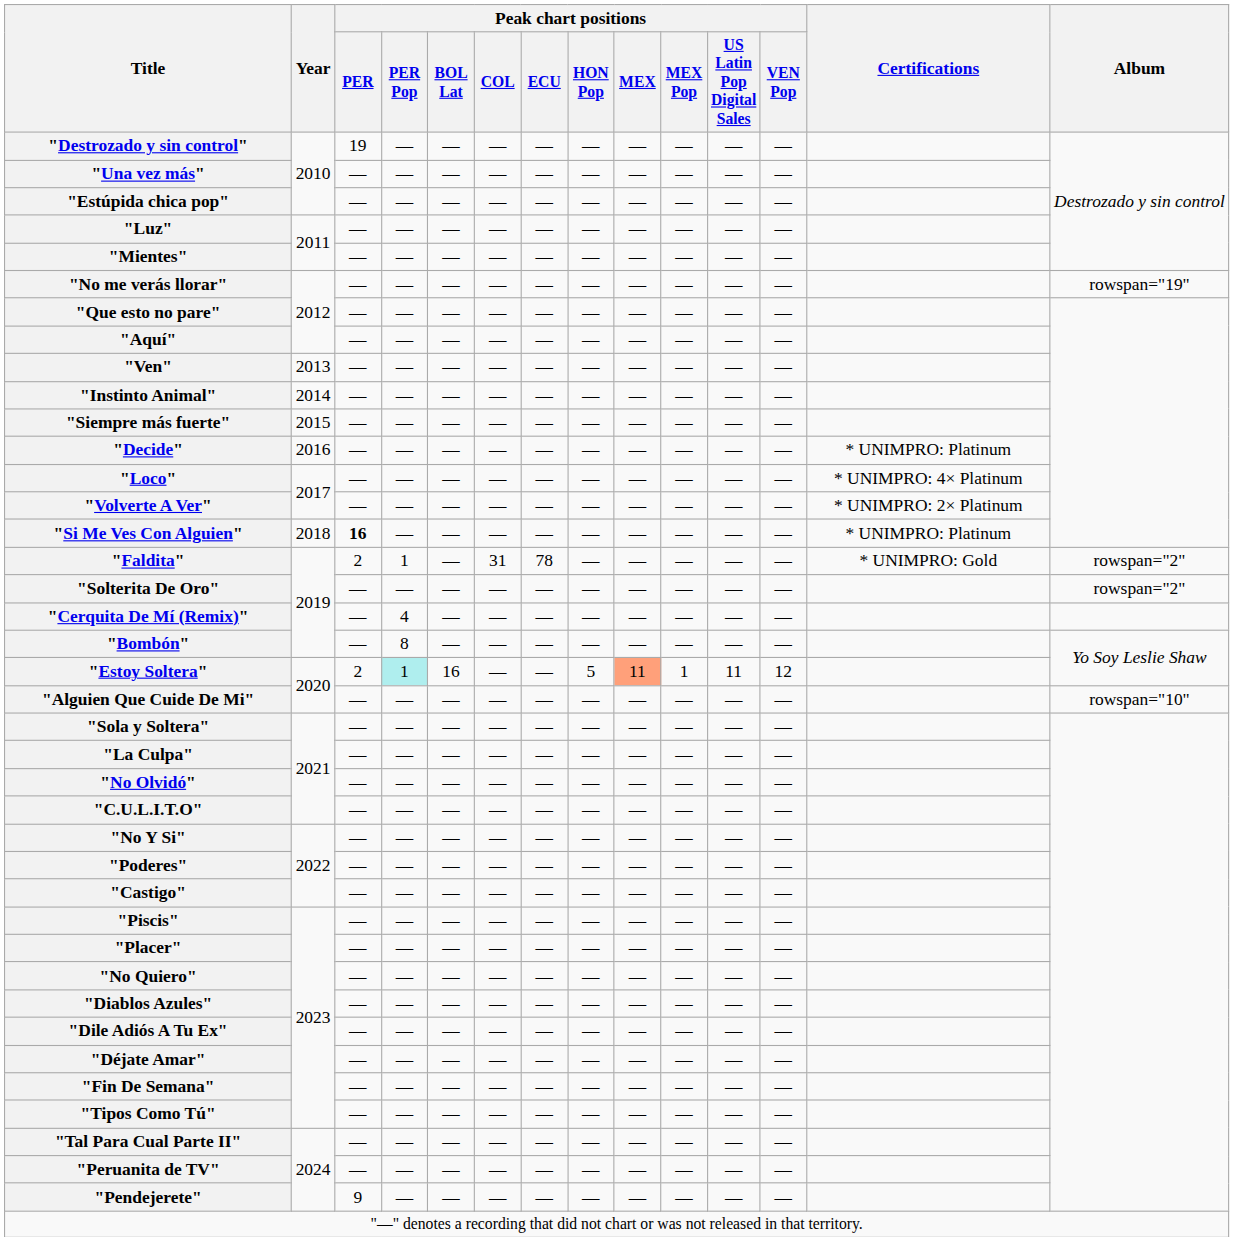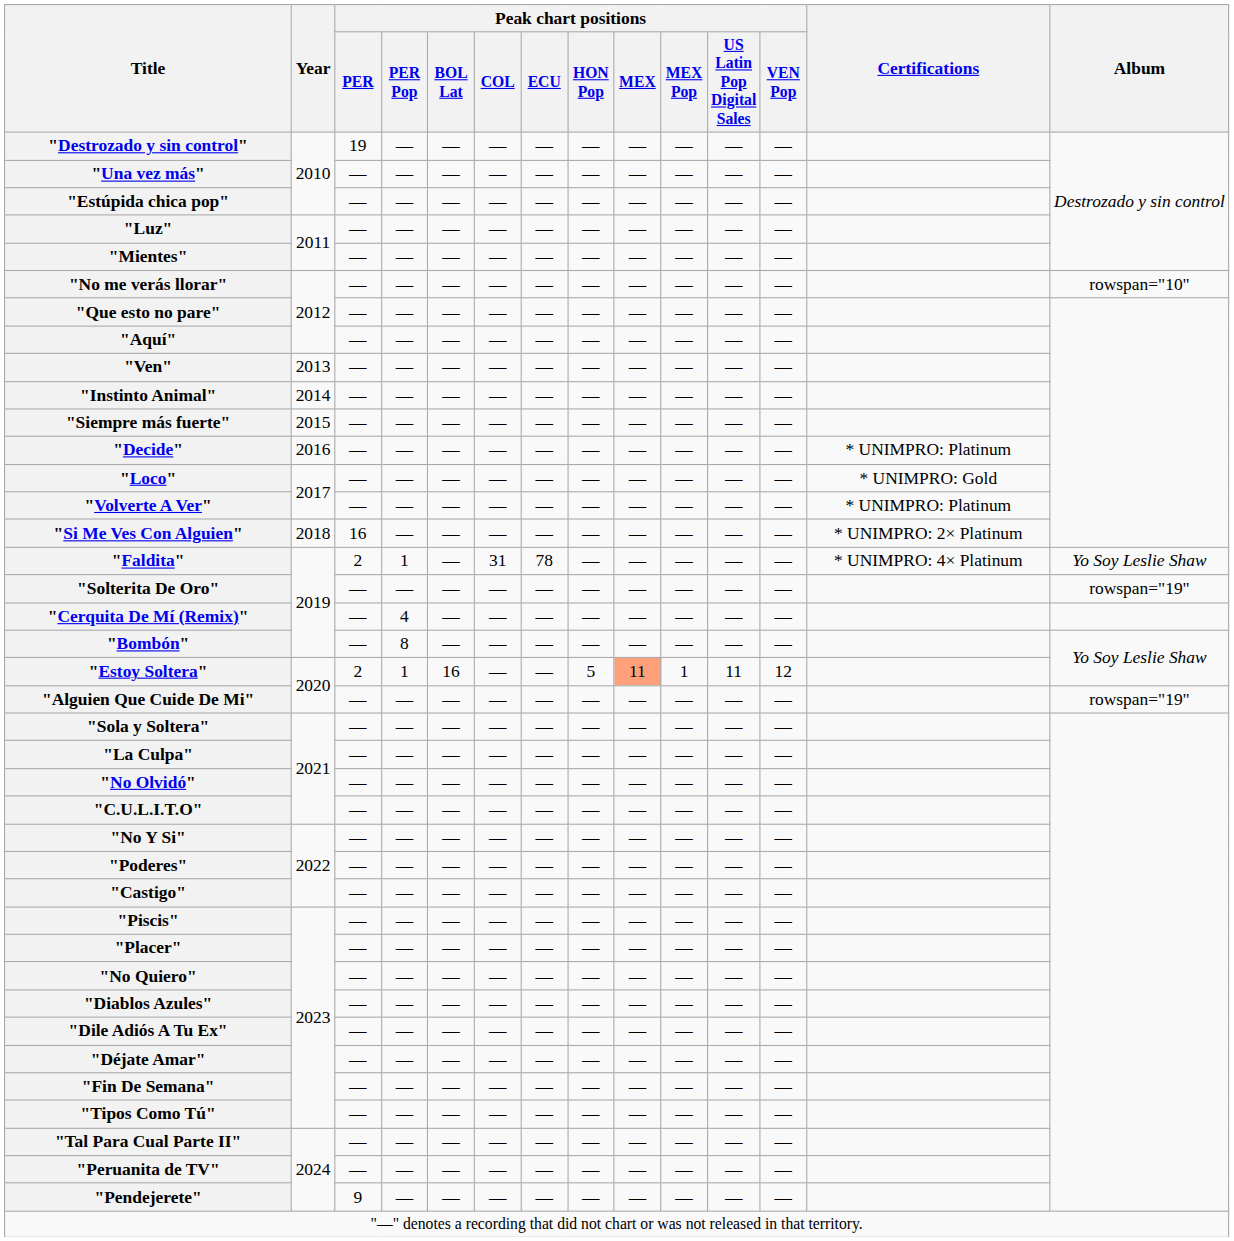 <table class="wikitable plainrowheaders" style="text-align:center;">
 <tr>
 <th scope="col" rowspan="2" style="width:16em;">Title</th>
 <th scope="col" rowspan="2" style="width:1em;">Year</th>
 <th colspan="10" scope="col">Peak chart positions</th>
 <th scope="col" rowspan="2" style="width:13.5em;"><a href='#'>Certifications</a></th>
 <th scope="col" rowspan="2">Album</th>
 </tr>
 <tr>
 <th scope="col" style="width:2.5em;font-size:90%;"><a href='#'>PER</a><br></th>
 <th scope="col" style="width:2.5em;font-size:90%;"><a href='#'>PER Pop</a><br></th>
 <th scope="col" style="width:2.5em;font-size:90%;"><a href='#'>BOL Lat</a><br></th>
 <th scope="col" style="width:2.5em;font-size:90%;"><a href='#'>COL</a><br></th>
 <th scope="col" style="width:2.5em;font-size:90%;"><a href='#'>ECU</a><br></th>
 <th scope="col" style="width:2.5em;font-size:90%;"><a href='#'>HON Pop</a><br></th>
 <th scope="col" style="width:2.5em;font-size:90%;"><a href='#'>MEX</a><br></th>
 <th scope="col" style="width:2.5em;font-size:90%;"><a href='#'>MEX Pop</a><br></th>
 <th scope="col" style="width:2.5em;font-size:90%;"><a href='#'>US Latin Pop Digital Sales</a><br></th>
 <th scope="col" style="width:2.5em;font-size:90%;"><a href='#'>VEN Pop</a><br></th>
 </tr>
 <tr>
 <th scope="row">"<a href='#'>Destrozado y sin control</a>"</th>
 <td rowspan="3">2010</td>
 <td>19</td>
 <td>—</td>
 <td>—</td>
 <td>—</td>
 <td>—</td>
 <td>—</td>
 <td>—</td>
 <td>—</td>
 <td>—</td>
 <td>—</td>
 <td></td>
 <td rowspan="5"><em>Destrozado y sin control</em></td>
 </tr>
 <tr>
 <th scope="row">"<a href='#'>Una vez más</a>"</th>
 <td>—</td>
 <td>—</td>
 <td>—</td>
 <td>—</td>
 <td>—</td>
 <td>—</td>
 <td>—</td>
 <td>—</td>
 <td>—</td>
 <td>—</td>
 <td></td>
 </tr>
 <tr>
 <th scope="row">"Estúpida chica pop"</th>
 <td>—</td>
 <td>—</td>
 <td>—</td>
 <td>—</td>
 <td>—</td>
 <td>—</td>
 <td>—</td>
 <td>—</td>
 <td>—</td>
 <td>—</td>
 <td></td>
 </tr>
 <tr>
 <th scope="row">"Luz"</th>
 <td rowspan="2">2011</td>
 <td>—</td>
 <td>—</td>
 <td>—</td>
 <td>—</td>
 <td>—</td>
 <td>—</td>
 <td>—</td>
 <td>—</td>
 <td>—</td>
 <td>—</td>
 <td></td>
 </tr>
 <tr>
 <th scope="row">"Mientes"</th>
 <td>—</td>
 <td>—</td>
 <td>—</td>
 <td>—</td>
 <td>—</td>
 <td>—</td>
 <td>—</td>
 <td>—</td>
 <td>—</td>
 <td>—</td>
 <td></td>
 </tr>
 <tr>
 <th scope="row">"No me verás llorar"</th>
 <td rowspan="3">2012</td>
 <td>—</td>
 <td>—</td>
 <td>—</td>
 <td>—</td>
 <td>—</td>
 <td>—</td>
 <td>—</td>
 <td>—</td>
 <td>—</td>
 <td>—</td>
 <td></td>
-<td>rowspan="19" </td>
+<td>rowspan="10" </td>
 </tr>
 <tr>
 <th scope="row">"Que esto no pare"</th>
 <td>—</td>
 <td>—</td>
 <td>—</td>
 <td>—</td>
 <td>—</td>
 <td>—</td>
 <td>—</td>
 <td>—</td>
 <td>—</td>
 <td>—</td>
 <td></td>
 </tr>
 <tr>
 <th scope="row">"Aquí" </th>
 <td>—</td>
 <td>—</td>
 <td>—</td>
 <td>—</td>
 <td>—</td>
 <td>—</td>
 <td>—</td>
 <td>—</td>
 <td>—</td>
 <td>—</td>
 <td></td>
 </tr>
 <tr>
 <th scope="row">"Ven"</th>
 <td>2013</td>
 <td>—</td>
 <td>—</td>
 <td>—</td>
 <td>—</td>
 <td>—</td>
 <td>—</td>
 <td>—</td>
 <td>—</td>
 <td>—</td>
 <td>—</td>
 <td></td>
 </tr>
 <tr>
 <th scope="row">"Instinto Animal"</th>
 <td>2014</td>
 <td>—</td>
 <td>—</td>
 <td>—</td>
 <td>—</td>
 <td>—</td>
 <td>—</td>
 <td>—</td>
 <td>—</td>
 <td>—</td>
 <td>—</td>
 <td></td>
 </tr>
 <tr>
 <th scope="row">"Siempre más fuerte"</th>
 <td>2015</td>
 <td>—</td>
 <td>—</td>
 <td>—</td>
 <td>—</td>
 <td>—</td>
 <td>—</td>
 <td>—</td>
 <td>—</td>
 <td>—</td>
 <td>—</td>
 <td></td>
 </tr>
 <tr>
 <th scope="row">"<a href='#'>Decide</a>"</th>
 <td>2016</td>
 <td>—</td>
 <td>—</td>
 <td>—</td>
 <td>—</td>
 <td>—</td>
 <td>—</td>
 <td>—</td>
 <td>—</td>
 <td>—</td>
 <td>—</td>
 <td>* UNIMPRO: Platinum</td>
 </tr>
 <tr>
 <th scope="row">"<a href='#'>Loco</a>"</th>
 <td rowspan="2">2017</td>
 <td>—</td>
 <td>—</td>
 <td>—</td>
 <td>—</td>
 <td>—</td>
 <td>—</td>
 <td>—</td>
 <td>—</td>
 <td>—</td>
 <td>—</td>
-<td>* UNIMPRO: 4× Platinum</td>
+<td>* UNIMPRO: Gold</td>
 </tr>
 <tr>
 <th scope="row">"<a href='#'>Volverte A Ver</a>" </th>
 <td>—</td>
 <td>—</td>
 <td>—</td>
 <td>—</td>
 <td>—</td>
 <td>—</td>
 <td>—</td>
 <td>—</td>
 <td>—</td>
 <td>—</td>
-<td>* UNIMPRO: 2× Platinum</td>
+<td>* UNIMPRO: Platinum</td>
 </tr>
 <tr>
 <th scope="row">"<a href='#'>Si Me Ves Con Alguien</a>"</th>
 <td>2018</td>
-<td><strong>16</strong></td>
+<td>16</td>
 <td>—</td>
 <td>—</td>
 <td>—</td>
 <td>—</td>
 <td>—</td>
 <td>—</td>
 <td>—</td>
 <td>—</td>
 <td>—</td>
-<td>* UNIMPRO: Platinum</td>
+<td>* UNIMPRO: 2× Platinum</td>
 </tr>
 <tr>
 <th scope="row">"<a href='#'>Faldita</a>" </th>
 <td rowspan="4">2019</td>
 <td>2</td>
 <td>1</td>
 <td>—</td>
 <td>31</td>
 <td>78</td>
 <td>—</td>
 <td>—</td>
 <td>—</td>
 <td>—</td>
 <td>—</td>
-<td>* UNIMPRO: Gold</td>
-<td>rowspan="2" </td>
+<td>* UNIMPRO: 4× Platinum</td>
+<td><em>Yo Soy Leslie Shaw</em></td>
 </tr>
 <tr>
 <th scope="row">"Solterita De Oro" </th>
 <td>—</td>
 <td>—</td>
 <td>—</td>
 <td>—</td>
 <td>—</td>
 <td>—</td>
 <td>—</td>
 <td>—</td>
 <td>—</td>
 <td>—</td>
 <td></td>
-<td>rowspan="2" </td>
+<td>rowspan="19" </td>
 </tr>
 <tr>
 <th scope="row">"<a href='#'>Cerquita De Mí (Remix)</a>" </th>
 <td>—</td>
 <td>4</td>
 <td>—</td>
 <td>—</td>
 <td>—</td>
 <td>—</td>
 <td>—</td>
 <td>—</td>
 <td>—</td>
 <td>—</td>
 <td></td>
 </tr>
 <tr>
 <th scope="row">"<a href='#'>Bombón</a>"</th>
 <td>—</td>
 <td>8</td>
 <td>—</td>
 <td>—</td>
 <td>—</td>
 <td>—</td>
 <td>—</td>
 <td>—</td>
 <td>—</td>
 <td>—</td>
 <td></td>
 <td rowspan="2"><em>Yo Soy Leslie Shaw</em></td>
 </tr>
 <tr>
 <th scope="row">"<a href='#'>Estoy Soltera</a>" </th>
 <td rowspan="2">2020</td>
 <td>2</td>
-<td style="background: paleturquoise;">1</td>
+<td>1</td>
 <td>16</td>
 <td>—</td>
 <td>—</td>
 <td>5</td>
 <td style="background: lightsalmon;">11</td>
 <td>1</td>
 <td>11</td>
 <td>12</td>
 <td></td>
 </tr>
 <tr>
 <th scope="row">"Alguien Que Cuide De Mi"</th>
 <td>—</td>
 <td>—</td>
 <td>—</td>
 <td>—</td>
 <td>—</td>
 <td>—</td>
 <td>—</td>
 <td>—</td>
 <td>—</td>
 <td>—</td>
 <td></td>
-<td>rowspan="10" </td>
+<td>rowspan="19" </td>
 </tr>
 <tr>
 <th scope="row">"Sola y Soltera" </th>
 <td rowspan="4">2021</td>
 <td>—</td>
 <td>—</td>
 <td>—</td>
 <td>—</td>
 <td>—</td>
 <td>—</td>
 <td>—</td>
 <td>—</td>
 <td>—</td>
 <td>—</td>
 <td></td>
 </tr>
 <tr>
 <th scope="row">"La Culpa" </th>
 <td>—</td>
 <td>—</td>
 <td>—</td>
 <td>—</td>
 <td>—</td>
 <td>—</td>
 <td>—</td>
 <td>—</td>
 <td>—</td>
 <td>—</td>
 <td></td>
 </tr>
 <tr>
 <th scope="row">"<a href='#'>No Olvidó</a>"</th>
 <td>—</td>
 <td>—</td>
 <td>—</td>
 <td>—</td>
 <td>—</td>
 <td>—</td>
 <td>—</td>
 <td>—</td>
 <td>—</td>
 <td>—</td>
 <td></td>
 </tr>
 <tr>
 <th scope="row">"C.U.L.I.T.O" </th>
 <td>—</td>
 <td>—</td>
 <td>—</td>
 <td>—</td>
 <td>—</td>
 <td>—</td>
 <td>—</td>
 <td>—</td>
 <td>—</td>
 <td>—</td>
 <td></td>
 </tr>
 <tr>
 <th scope="row">"No Y Si" </th>
 <td rowspan="3">2022</td>
 <td>—</td>
 <td>—</td>
 <td>—</td>
 <td>—</td>
 <td>—</td>
 <td>—</td>
 <td>—</td>
 <td>—</td>
 <td>—</td>
 <td>—</td>
 <td></td>
 </tr>
 <tr>
 <th scope="row">"Poderes"</th>
 <td>—</td>
 <td>—</td>
 <td>—</td>
 <td>—</td>
 <td>—</td>
 <td>—</td>
 <td>—</td>
 <td>—</td>
 <td>—</td>
 <td>—</td>
 <td></td>
 </tr>
 <tr>
 <th scope="row">"Castigo" </th>
 <td>—</td>
 <td>—</td>
 <td>—</td>
 <td>—</td>
 <td>—</td>
 <td>—</td>
 <td>—</td>
 <td>—</td>
 <td>—</td>
 <td>—</td>
 <td></td>
 </tr>
 <tr>
 <th scope="row">"Piscis"</th>
 <td rowspan="8">2023</td>
 <td>—</td>
 <td>—</td>
 <td>—</td>
 <td>—</td>
 <td>—</td>
 <td>—</td>
 <td>—</td>
 <td>—</td>
 <td>—</td>
 <td>—</td>
 <td></td>
 </tr>
 <tr>
 <th scope="row">"Placer"</th>
 <td>—</td>
 <td>—</td>
 <td>—</td>
 <td>—</td>
 <td>—</td>
 <td>—</td>
 <td>—</td>
 <td>—</td>
 <td>—</td>
 <td>—</td>
 <td></td>
 </tr>
 <tr>
 <th scope="row">"No Quiero"</th>
 <td>—</td>
 <td>—</td>
 <td>—</td>
 <td>—</td>
 <td>—</td>
 <td>—</td>
 <td>—</td>
 <td>—</td>
 <td>—</td>
 <td>—</td>
 <td></td>
 </tr>
 <tr>
 <th scope="row">"Diablos Azules"</th>
 <td>—</td>
 <td>—</td>
 <td>—</td>
 <td>—</td>
 <td>—</td>
 <td>—</td>
 <td>—</td>
 <td>—</td>
 <td>—</td>
 <td>—</td>
 <td></td>
 </tr>
 <tr>
 <th scope="row">"Dile Adiós A Tu Ex"</th>
 <td>—</td>
 <td>—</td>
 <td>—</td>
 <td>—</td>
 <td>—</td>
 <td>—</td>
 <td>—</td>
 <td>—</td>
 <td>—</td>
 <td>—</td>
 <td></td>
 </tr>
 <tr>
 <th scope="row">"Déjate Amar"</th>
 <td>—</td>
 <td>—</td>
 <td>—</td>
 <td>—</td>
 <td>—</td>
 <td>—</td>
 <td>—</td>
 <td>—</td>
 <td>—</td>
 <td>—</td>
 <td></td>
 </tr>
 <tr>
 <th scope="row">"Fin De Semana"</th>
 <td>—</td>
 <td>—</td>
 <td>—</td>
 <td>—</td>
 <td>—</td>
 <td>—</td>
 <td>—</td>
 <td>—</td>
 <td>—</td>
 <td>—</td>
 <td></td>
 </tr>
 <tr>
 <th scope="row">"Tipos Como Tú"</th>
 <td>—</td>
 <td>—</td>
 <td>—</td>
 <td>—</td>
 <td>—</td>
 <td>—</td>
 <td>—</td>
 <td>—</td>
 <td>—</td>
 <td>—</td>
 <td></td>
 </tr>
 <tr>
 <th scope="row">"Tal Para Cual Parte II"</th>
 <td rowspan="3">2024</td>
 <td>—</td>
 <td>—</td>
 <td>—</td>
 <td>—</td>
 <td>—</td>
 <td>—</td>
 <td>—</td>
 <td>—</td>
 <td>—</td>
 <td>—</td>
 <td></td>
 </tr>
 <tr>
 <th scope="row">"Peruanita de TV"</th>
 <td>—</td>
 <td>—</td>
 <td>—</td>
 <td>—</td>
 <td>—</td>
 <td>—</td>
 <td>—</td>
 <td>—</td>
 <td>—</td>
 <td>—</td>
 <td></td>
 </tr>
 <tr>
 <th scope="row">"Pendejerete"</th>
 <td>9</td>
 <td>—</td>
 <td>—</td>
 <td>—</td>
 <td>—</td>
 <td>—</td>
 <td>—</td>
 <td>—</td>
 <td>—</td>
 <td>—</td>
 <td></td>
 </tr>
 <tr>
 <td colspan="15" style="font-size:90%">"—" denotes a recording that did not chart or was not released in that territory.</td>
 </tr>
 </table>
